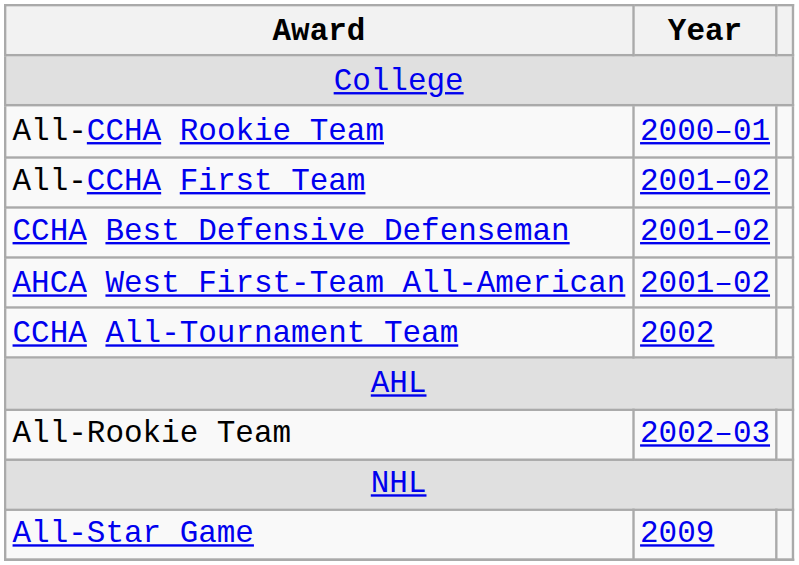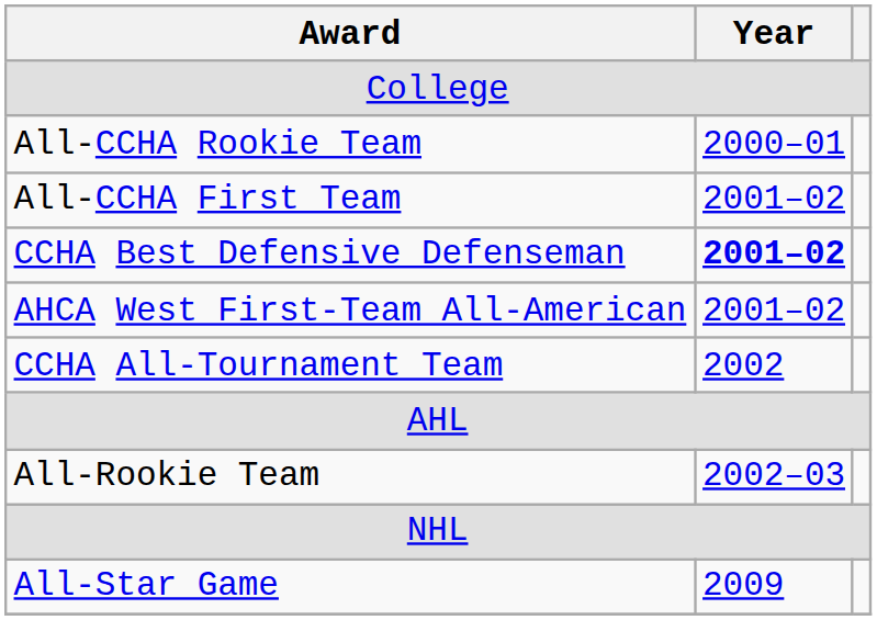 <table class="wikitable">
 <tr>
 <th>Award</th>
 <th>Year</th>
 <th></th>
 </tr>
 <tr ALIGN="center" bgcolor="#e0e0e0">
 <td colspan="3"><a href='#'>College</a></td>
 </tr>
 <tr>
 <td>All-<a href='#'>CCHA</a> <a href='#'>Rookie Team</a></td>
 <td><a href='#'>2000–01</a></td>
 <td></td>
 </tr>
 <tr>
 <td>All-<a href='#'>CCHA</a> <a href='#'>First Team</a></td>
 <td><a href='#'>2001–02</a></td>
 <td></td>
 </tr>
 <tr>
 <td><a href='#'>CCHA</a> <a href='#'>Best Defensive Defenseman</a></td>
-<td><a href='#'>2001–02</a></td>
+<td><strong><a href='#'>2001–02</a></strong></td>
 <td></td>
 </tr>
 <tr>
 <td><a href='#'>AHCA</a> <a href='#'>West First-Team All-American</a></td>
 <td><a href='#'>2001–02</a></td>
 <td></td>
 </tr>
 <tr>
 <td><a href='#'>CCHA</a> <a href='#'>All-Tournament Team</a></td>
 <td><a href='#'>2002</a></td>
 <td></td>
 </tr>
 <tr ALIGN="center" bgcolor="#e0e0e0">
 <td colspan="3"><a href='#'>AHL</a></td>
 </tr>
 <tr>
 <td>All-Rookie Team</td>
 <td><a href='#'>2002–03</a></td>
 <td></td>
 </tr>
 <tr ALIGN="center" bgcolor="#e0e0e0">
 <td colspan="3"><a href='#'>NHL</a></td>
 </tr>
 <tr>
 <td><a href='#'>All-Star Game</a></td>
 <td><a href='#'>2009</a></td>
 <td></td>
 </tr>
 <tr>
 </tr>
 </table>
